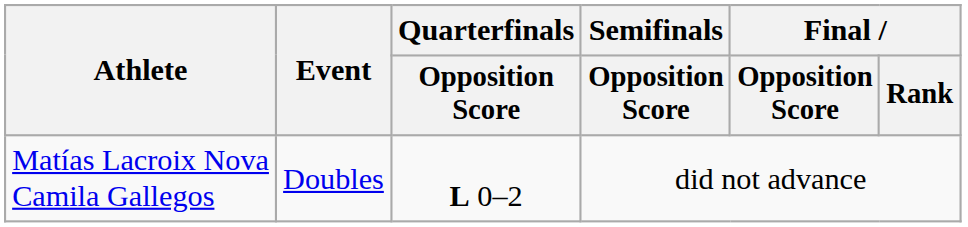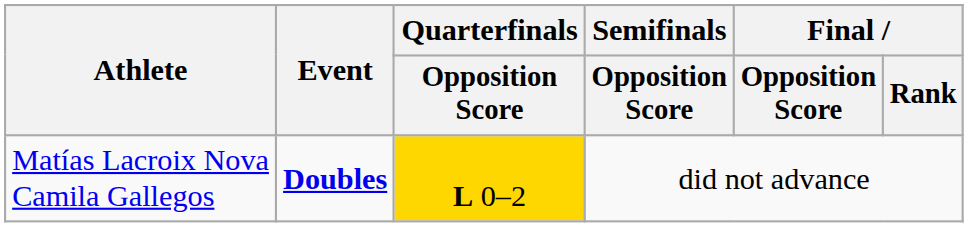 <table class=wikitable style="font-size:90%">
 <tr>
 <th rowspan="2">Athlete</th>
 <th rowspan="2">Event</th>
 <th>Quarterfinals</th>
 <th>Semifinals</th>
 <th colspan=2>Final / </th>
 </tr>
 <tr style="font-size:95%">
 <th>Opposition<br>Score</th>
 <th>Opposition<br>Score</th>
 <th>Opposition<br>Score</th>
 <th>Rank</th>
 </tr>
 <tr align=center>
 <td align=left><a href='#'>Matías Lacroix Nova</a><br><a href='#'>Camila Gallegos</a></td>
-<td><a href='#'>Doubles</a></td>
-<td><br><strong>L</strong> 0–2</td>
+<td><strong><a href='#'>Doubles</a></strong></td>
+<td style="background: gold;"><br><strong>L</strong> 0–2</td>
 <td colspan=3>did not advance</td>
 </tr>
 </table>
